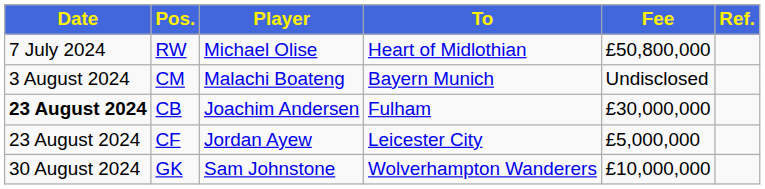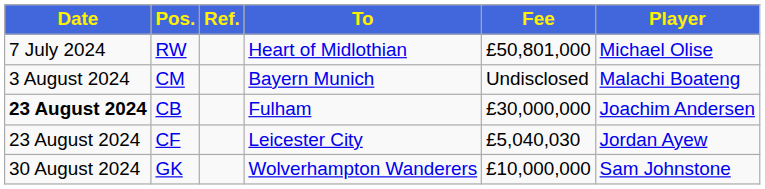 <table class="wikitable plainrowheaders sortable">
 <tr>
 <th style="background:#4267DC; color:#FFF000;">Date</th>
 <th style="background:#4267DC; color:#FFF000;">Pos.</th>
-<th style="background:#4267DC; color:#FFF000;">Player</th>
+<th style="background:#4267DC; color:#FFF000;">Ref.</th>
 <th style="background:#4267DC; color:#FFF000;">To</th>
 <th style="background:#4267DC; color:#FFF000;">Fee</th>
-<th style="background:#4267DC; color:#FFF000;">Ref.</th>
+<th style="background:#4267DC; color:#FFF000;">Player</th>
 </tr>
 <tr>
 <td>7 July 2024</td>
 <td><a href='#'>RW</a></td>
+<td></td>
+<td> <a href='#'>Heart of Midlothian</a></td>
+<td>£50,801,000</td>
 <td> <a href='#'>Michael Olise</a></td>
-<td> <a href='#'>Heart of Midlothian</a></td>
-<td>£50,800,000</td>
-<td></td>
 </tr>
 <tr>
 <td>3 August 2024</td>
 <td><a href='#'>CM</a></td>
-<td> <a href='#'>Malachi Boateng</a></td>
+<td></td>
 <td> <a href='#'>Bayern Munich</a></td>
 <td>Undisclosed</td>
-<td></td>
+<td> <a href='#'>Malachi Boateng</a></td>
 </tr>
 <tr>
 <td><strong>23 August 2024</strong></td>
 <td><a href='#'>CB</a></td>
-<td> <a href='#'>Joachim Andersen</a></td>
+<td></td>
 <td> <a href='#'>Fulham</a></td>
 <td>£30,000,000</td>
-<td></td>
+<td> <a href='#'>Joachim Andersen</a></td>
 </tr>
 <tr>
 <td>23 August 2024</td>
 <td><a href='#'>CF</a></td>
+<td></td>
+<td> <a href='#'>Leicester City</a></td>
+<td>£5,040,030</td>
 <td> <a href='#'>Jordan Ayew</a></td>
-<td> <a href='#'>Leicester City</a></td>
-<td>£5,000,000</td>
-<td></td>
 </tr>
 <tr>
 <td>30 August 2024</td>
 <td><a href='#'>GK</a></td>
-<td> <a href='#'>Sam Johnstone</a></td>
+<td></td>
 <td> <a href='#'>Wolverhampton Wanderers</a></td>
 <td>£10,000,000</td>
-<td></td>
+<td> <a href='#'>Sam Johnstone</a></td>
 </tr>
 </table>
